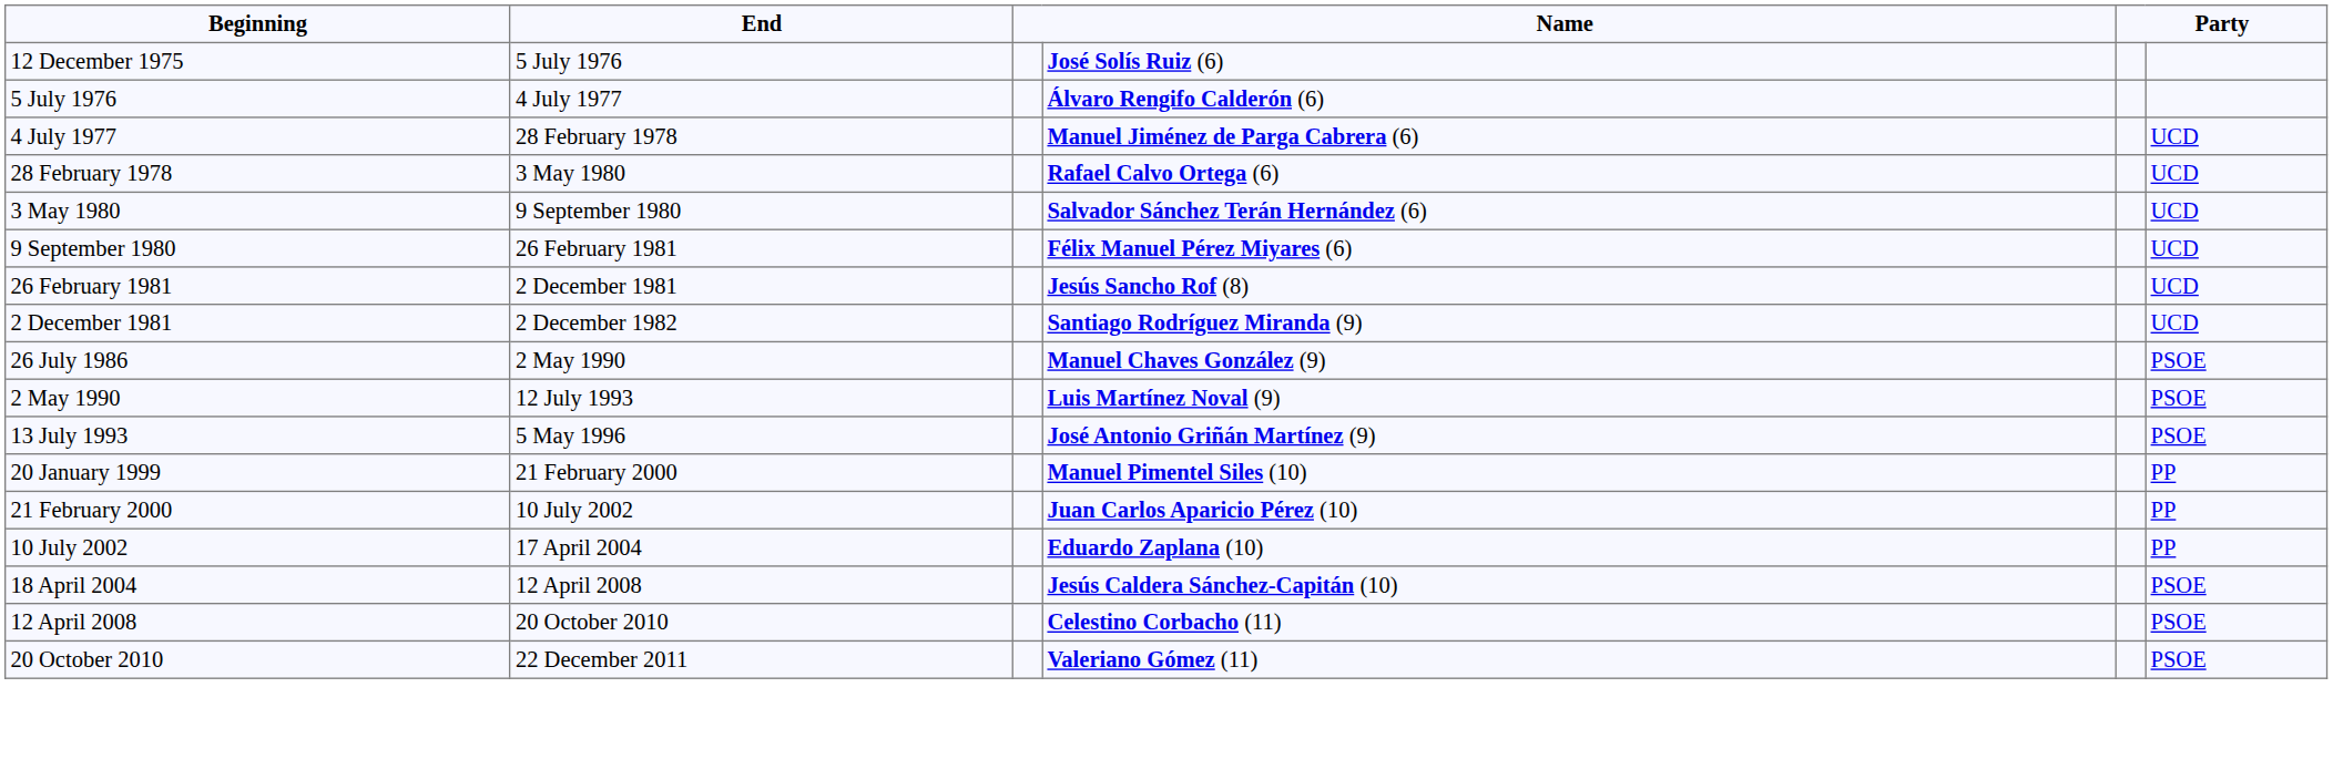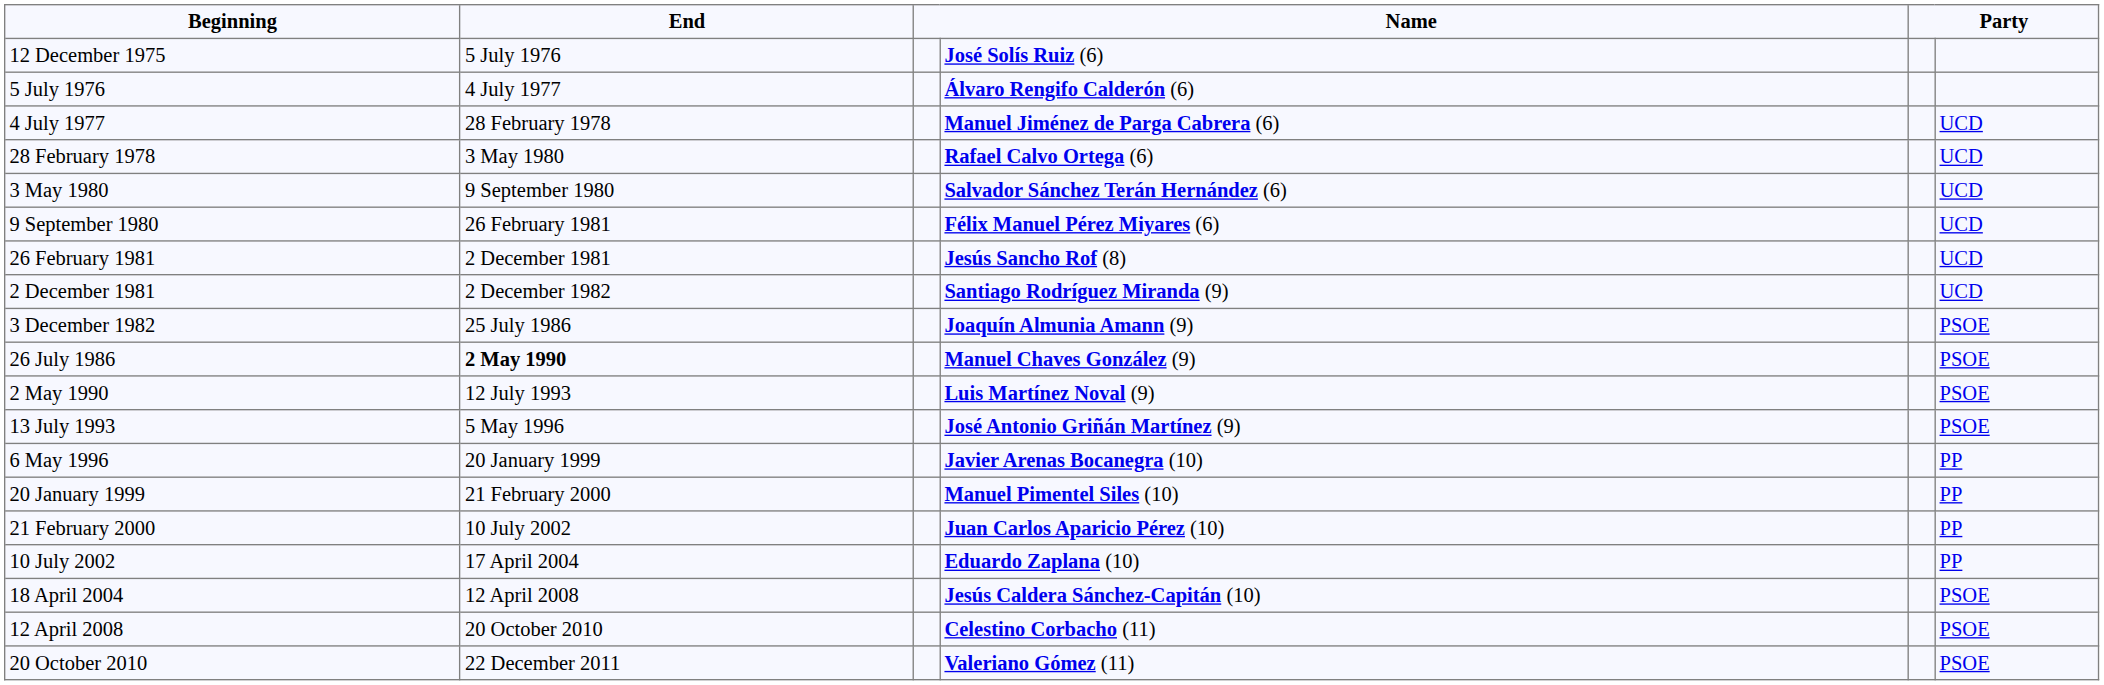 <table bgcolor="#f7f8ff" cellpadding="3" cellspacing="0" border="1" style="font-size: 95%; border: gray solid 1px; border-collapse: collapse;" width="98%">
 <tr>
 <th align="center">Beginning</th>
 <th align="center">End</th>
 <th colspan="2">Name</th>
 <th colspan="2">Party</th>
 </tr>
 <tr>
 <td>12 December 1975</td>
 <td>5 July 1976</td>
 <td></td>
 <td><strong><a href='#'>José Solís Ruiz</a></strong>  (6)</td>
 <td></td>
 <td></td>
 </tr>
 <tr>
 <td>5 July 1976</td>
 <td>4 July 1977</td>
 <td></td>
 <td><strong><a href='#'>Álvaro Rengifo Calderón</a></strong>  (6)</td>
 <td></td>
 <td></td>
 </tr>
 <tr>
 <td>4 July 1977</td>
 <td>28 February 1978</td>
 <td></td>
 <td><strong><a href='#'>Manuel Jiménez de Parga Cabrera</a></strong>  (6)</td>
 <td style="background-color: "></td>
 <td><a href='#'>UCD</a></td>
 </tr>
 <tr>
 <td>28 February 1978</td>
 <td>3 May 1980</td>
 <td></td>
 <td><strong><a href='#'>Rafael Calvo Ortega</a></strong>  (6)</td>
 <td style="background-color: "></td>
 <td><a href='#'>UCD</a></td>
 </tr>
 <tr>
 <td>3 May 1980</td>
 <td>9 September 1980</td>
 <td></td>
 <td><strong><a href='#'>Salvador Sánchez Terán Hernández</a></strong>  (6)</td>
 <td style="background-color: "></td>
 <td><a href='#'>UCD</a></td>
 </tr>
 <tr>
 <td>9 September 1980</td>
 <td>26 February 1981</td>
 <td></td>
 <td><strong><a href='#'>Félix Manuel Pérez Miyares</a></strong> (6)</td>
 <td style="background-color: "></td>
 <td><a href='#'>UCD</a></td>
 </tr>
 <tr>
 <td>26 February 1981</td>
 <td>2 December 1981</td>
 <td></td>
 <td><strong><a href='#'>Jesús Sancho Rof</a></strong> (8)</td>
 <td style="background-color: "></td>
 <td><a href='#'>UCD</a></td>
 </tr>
 <tr>
 <td>2 December 1981</td>
 <td>2 December 1982</td>
 <td></td>
 <td><strong><a href='#'>Santiago Rodríguez Miranda</a></strong>  (9)</td>
 <td style="background-color: "></td>
 <td><a href='#'>UCD</a></td>
 </tr>
 <tr>
+<td>3 December 1982</td>
+<td>25 July 1986</td>
+<td></td>
+<td><strong><a href='#'>Joaquín Almunia Amann</a></strong>  (9)</td>
+<td style="background-color: "></td>
+<td><a href='#'>PSOE</a></td>
+</tr>
+<tr>
 <td>26 July 1986</td>
-<td>2 May 1990</td>
+<td><strong>2 May 1990</strong></td>
 <td></td>
 <td><strong><a href='#'>Manuel Chaves González</a></strong>  (9)</td>
 <td style="background-color: "></td>
 <td><a href='#'>PSOE</a></td>
 </tr>
 <tr>
 <td>2 May 1990</td>
 <td>12 July 1993</td>
 <td></td>
 <td><strong><a href='#'>Luis Martínez Noval</a></strong>  (9)</td>
 <td style="background-color: "></td>
 <td><a href='#'>PSOE</a></td>
 </tr>
 <tr>
 <td>13 July 1993</td>
 <td>5 May 1996</td>
 <td></td>
 <td><strong><a href='#'>José Antonio Griñán Martínez</a></strong>  (9)</td>
 <td style="background-color: "></td>
 <td><a href='#'>PSOE</a></td>
+</tr>
+<tr>
+<td>6 May 1996</td>
+<td>20 January 1999</td>
+<td></td>
+<td><strong><a href='#'>Javier Arenas Bocanegra</a></strong>  (10)</td>
+<td style="background-color: "></td>
+<td><a href='#'>PP</a></td>
 </tr>
 <tr>
 <td>20 January 1999</td>
 <td>21 February 2000</td>
 <td></td>
 <td><strong><a href='#'>Manuel Pimentel Siles</a></strong>  (10)</td>
 <td style="background-color: "></td>
 <td><a href='#'>PP</a></td>
 </tr>
 <tr>
 <td>21 February 2000</td>
 <td>10 July 2002</td>
 <td></td>
 <td><strong><a href='#'>Juan Carlos Aparicio Pérez</a></strong>  (10)</td>
 <td style="background-color: "></td>
 <td><a href='#'>PP</a></td>
 </tr>
 <tr>
 <td>10 July 2002</td>
 <td>17 April 2004</td>
 <td></td>
 <td><strong><a href='#'>Eduardo Zaplana</a></strong>  (10)</td>
 <td style="background-color: "></td>
 <td><a href='#'>PP</a></td>
 </tr>
 <tr>
 <td>18 April 2004</td>
 <td>12 April 2008</td>
 <td></td>
 <td><strong><a href='#'>Jesús Caldera Sánchez-Capitán</a></strong>  (10)</td>
 <td style="background-color: "></td>
 <td><a href='#'>PSOE</a></td>
 </tr>
 <tr>
 <td>12 April 2008</td>
 <td>20 October 2010</td>
 <td></td>
 <td><strong><a href='#'>Celestino Corbacho</a></strong>  (11)</td>
 <td style="background-color: "></td>
 <td><a href='#'>PSOE</a></td>
 </tr>
 <tr>
 <td>20 October 2010</td>
 <td>22 December 2011</td>
 <td></td>
 <td><strong><a href='#'>Valeriano Gómez</a></strong>  (11)</td>
 <td style="background-color: "></td>
 <td><a href='#'>PSOE</a></td>
 </tr>
 </table>
